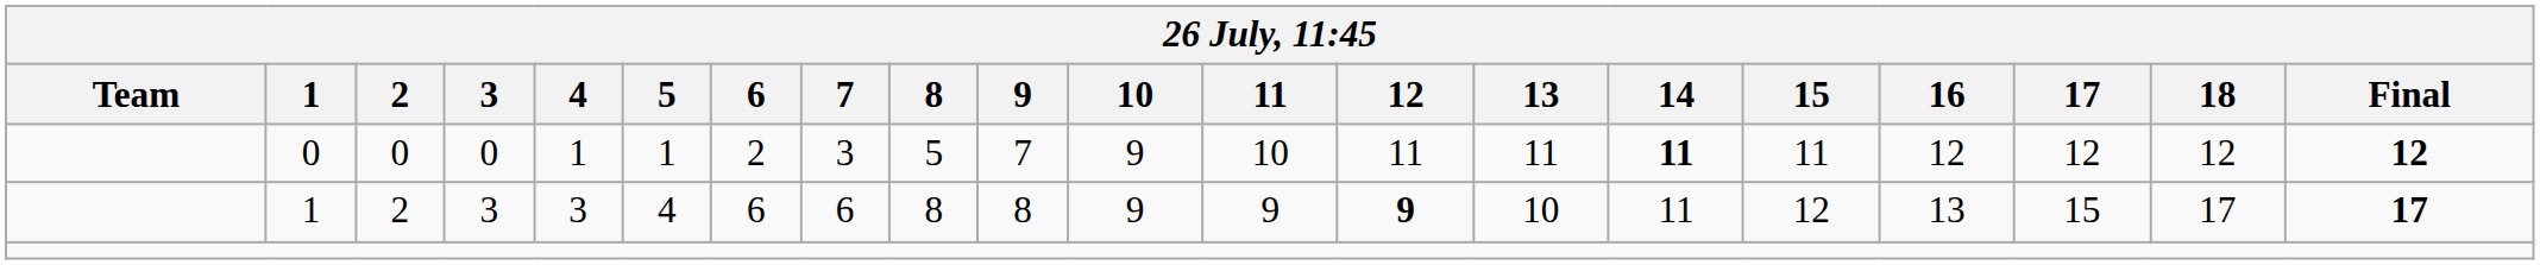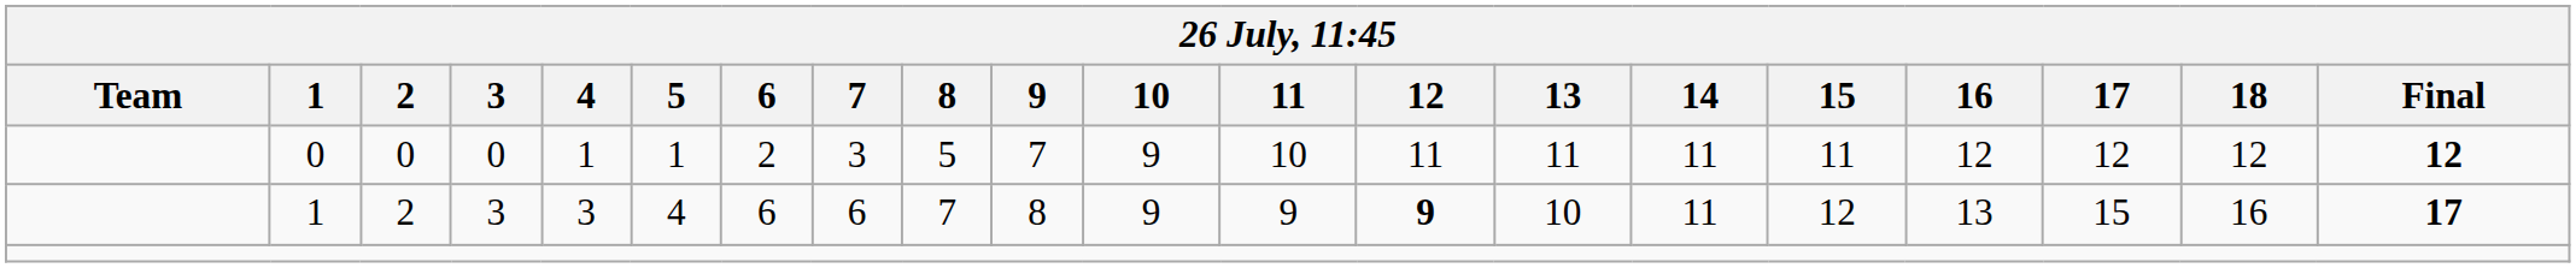 <table class=wikitable style="text-align:center; width: 55%">
 <tr>
 <th colspan=20><em>26 July, 11:45</em></th>
 </tr>
 <tr>
 <th>Team</th>
 <th>1</th>
 <th>2</th>
 <th>3</th>
 <th>4</th>
 <th>5</th>
 <th>6</th>
 <th>7</th>
 <th>8</th>
 <th>9</th>
 <th>10</th>
 <th>11</th>
 <th>12</th>
 <th>13</th>
 <th>14</th>
 <th>15</th>
 <th>16</th>
 <th>17</th>
 <th>18</th>
 <th>Final</th>
 </tr>
 <tr>
 <td align=left></td>
 <td>0</td>
 <td>0</td>
 <td>0</td>
 <td>1</td>
 <td>1</td>
 <td>2</td>
 <td>3</td>
 <td>5</td>
 <td>7</td>
 <td>9</td>
 <td>10</td>
 <td>11</td>
 <td>11</td>
-<td><strong>11</strong></td>
+<td>11</td>
 <td>11</td>
 <td>12</td>
 <td>12</td>
 <td>12</td>
 <td><strong>12</strong></td>
 </tr>
 <tr>
 <td align=left><strong></strong></td>
 <td>1</td>
 <td>2</td>
 <td>3</td>
 <td>3</td>
 <td>4</td>
 <td>6</td>
 <td>6</td>
-<td>8</td>
+<td>7</td>
 <td>8</td>
 <td>9</td>
 <td>9</td>
 <td><strong>9</strong></td>
 <td>10</td>
 <td>11</td>
 <td>12</td>
 <td>13</td>
 <td>15</td>
-<td>17</td>
+<td>16</td>
 <td><strong>17</strong></td>
 </tr>
 <tr>
 <td colspan=20></td>
 </tr>
 </table>
